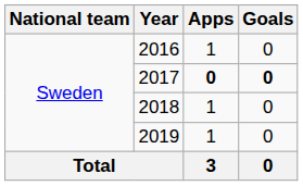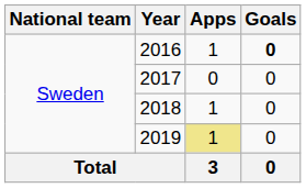 <table class="wikitable" style="text-align:center">
 <tr>
 <th>National team</th>
 <th>Year</th>
 <th>Apps</th>
 <th>Goals</th>
 </tr>
 <tr>
 <td rowspan="4"><a href='#'>Sweden</a></td>
 <td>2016</td>
 <td>1</td>
-<td>0</td>
+<td><strong>0</strong></td>
 </tr>
 <tr>
 <td>2017</td>
-<td><strong>0</strong></td>
-<td><strong>0</strong></td>
+<td>0</td>
+<td>0</td>
 </tr>
 <tr>
 <td>2018</td>
 <td>1</td>
 <td>0</td>
 </tr>
 <tr>
 <td>2019</td>
-<td>1</td>
+<td style="background: khaki;">1</td>
 <td>0</td>
 </tr>
 <tr>
 <th colspan="2">Total</th>
 <th>3</th>
 <th>0</th>
 </tr>
 </table>
